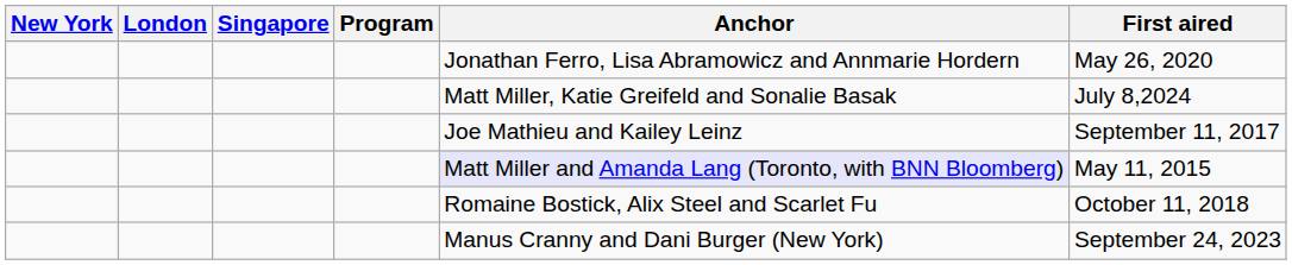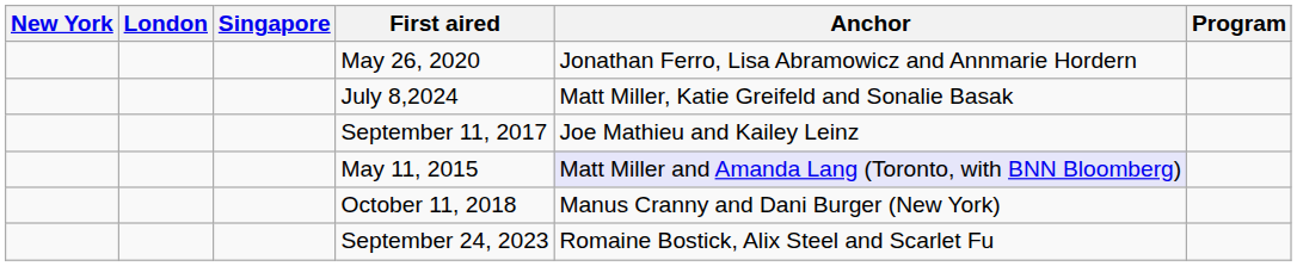 <table class="wikitable">
 <tr>
 <th><a href='#'>New York</a></th>
 <th><a href='#'>London</a></th>
 <th><a href='#'>Singapore</a></th>
+<th>First aired</th>
+<th>Anchor</th>
 <th>Program</th>
-<th>Anchor</th>
-<th>First aired</th>
 </tr>
 <tr>
 <td></td>
 <td></td>
 <td></td>
+<td>May 26, 2020</td>
+<td>Jonathan Ferro, Lisa Abramowicz and Annmarie Hordern</td>
 <td></td>
-<td>Jonathan Ferro, Lisa Abramowicz and Annmarie Hordern</td>
-<td>May 26, 2020</td>
 </tr>
 <tr>
 <td></td>
 <td></td>
 <td></td>
+<td>July 8,2024</td>
+<td>Matt Miller, Katie Greifeld and Sonalie Basak</td>
 <td></td>
-<td>Matt Miller, Katie Greifeld and Sonalie Basak</td>
-<td>July 8,2024</td>
 </tr>
 <tr>
 <td></td>
 <td></td>
 <td></td>
+<td>September 11, 2017</td>
+<td>Joe Mathieu and Kailey Leinz</td>
 <td></td>
-<td>Joe Mathieu and Kailey Leinz</td>
-<td>September 11, 2017</td>
 </tr>
 <tr>
 <td></td>
 <td></td>
 <td></td>
+<td>May 11, 2015</td>
+<td style="background: lavender;">Matt Miller and <a href='#'>Amanda Lang</a> (Toronto, with <a href='#'>BNN Bloomberg</a>)</td>
 <td></td>
-<td style="background: lavender;">Matt Miller and <a href='#'>Amanda Lang</a> (Toronto, with <a href='#'>BNN Bloomberg</a>)</td>
-<td>May 11, 2015</td>
 </tr>
 <tr>
 <td></td>
 <td></td>
 <td></td>
+<td>October 11, 2018</td>
+<td>Manus Cranny and Dani Burger (New York)</td>
 <td></td>
-<td>Romaine Bostick, Alix Steel and Scarlet Fu</td>
-<td>October 11, 2018</td>
 </tr>
 <tr>
 <td></td>
 <td></td>
 <td></td>
+<td>September 24, 2023</td>
+<td>Romaine Bostick, Alix Steel and Scarlet Fu</td>
 <td></td>
-<td>Manus Cranny and Dani Burger (New York)</td>
-<td>September 24, 2023</td>
 </tr>
 </table>
